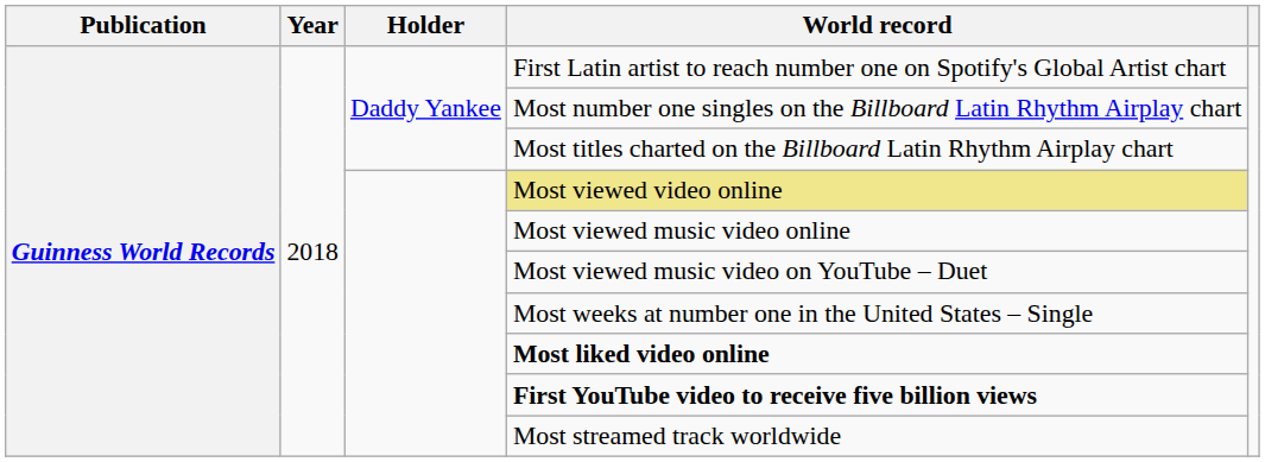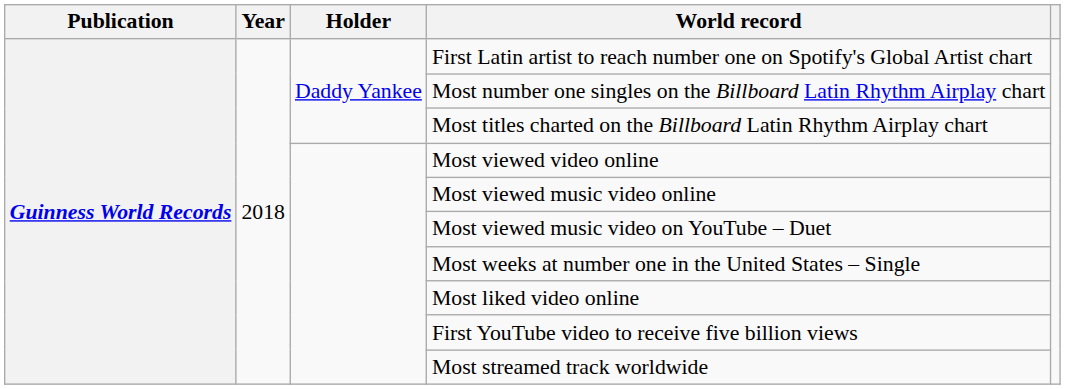 <table class="wikitable plainrowheaders sortable">
 <tr>
 <th scope="col">Publication</th>
 <th scope="col">Year</th>
 <th scope="col">Holder</th>
 <th scope="col">World record</th>
 <th scope="col" class="unsortable"></th>
 </tr>
 <tr>
 <th scope="row" rowspan="10"><em><a href='#'>Guinness World Records</a></em></th>
 <td align="center" rowspan="10">2018</td>
 <td rowspan="3"><a href='#'>Daddy Yankee</a></td>
 <td>First Latin artist to reach number one on Spotify's Global Artist chart</td>
 <td align="center" rowspan="10"><br><br></td>
 </tr>
 <tr>
 <td>Most number one singles on the <em>Billboard</em> <a href='#'>Latin Rhythm Airplay</a> chart</td>
 </tr>
 <tr>
 <td>Most titles charted on the <em>Billboard</em> Latin Rhythm Airplay chart</td>
 </tr>
 <tr>
 <td rowspan="7"></td>
-<td style="background: khaki;">Most viewed video online</td>
+<td>Most viewed video online</td>
 </tr>
 <tr>
 <td>Most viewed music video online</td>
 </tr>
 <tr>
 <td>Most viewed music video on YouTube – Duet</td>
 </tr>
 <tr>
 <td>Most weeks at number one in the United States – Single</td>
 </tr>
 <tr>
-<td><strong>Most liked video online</strong></td>
+<td>Most liked video online</td>
 </tr>
 <tr>
-<td><strong>First YouTube video to receive five billion views</strong></td>
+<td>First YouTube video to receive five billion views</td>
 </tr>
 <tr>
 <td>Most streamed track worldwide</td>
 </tr>
 </table>
